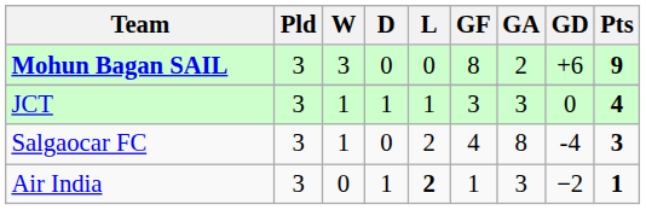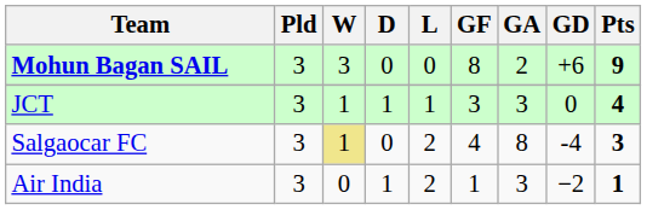 <table class="wikitable" style="text-align: center;">
 <tr>
 <th width=165>Team</th>
 <th width=20>Pld</th>
 <th width=20>W</th>
 <th width=20>D</th>
 <th width=20>L</th>
 <th width=20>GF</th>
 <th width=20>GA</th>
 <th width=20>GD</th>
 <th width=20>Pts</th>
 </tr>
 <tr bgcolor="#ccffcc">
 <td align=left><strong><a href='#'>Mohun Bagan SAIL</a></strong></td>
 <td>3</td>
 <td>3</td>
 <td>0</td>
 <td>0</td>
 <td>8</td>
 <td>2</td>
 <td>+6</td>
 <td><strong>9</strong></td>
 </tr>
 <tr>
 </tr>
 <tr bgcolor="#ccffcc">
 <td align=left><a href='#'>JCT</a></td>
 <td>3</td>
 <td>1</td>
 <td>1</td>
 <td>1</td>
 <td>3</td>
 <td>3</td>
 <td>0</td>
 <td><strong>4</strong></td>
 </tr>
 <tr>
 <td align=left><a href='#'>Salgaocar FC</a></td>
 <td>3</td>
-<td>1</td>
+<td style="background: khaki;">1</td>
 <td>0</td>
 <td>2</td>
 <td>4</td>
 <td>8</td>
 <td>-4</td>
 <td><strong>3</strong></td>
 </tr>
 <tr>
 <td align=left><a href='#'>Air India</a></td>
 <td>3</td>
 <td>0</td>
 <td>1</td>
-<td><strong>2</strong></td>
+<td>2</td>
 <td>1</td>
 <td>3</td>
 <td>−2</td>
 <td><strong>1</strong></td>
 </tr>
 </table>
